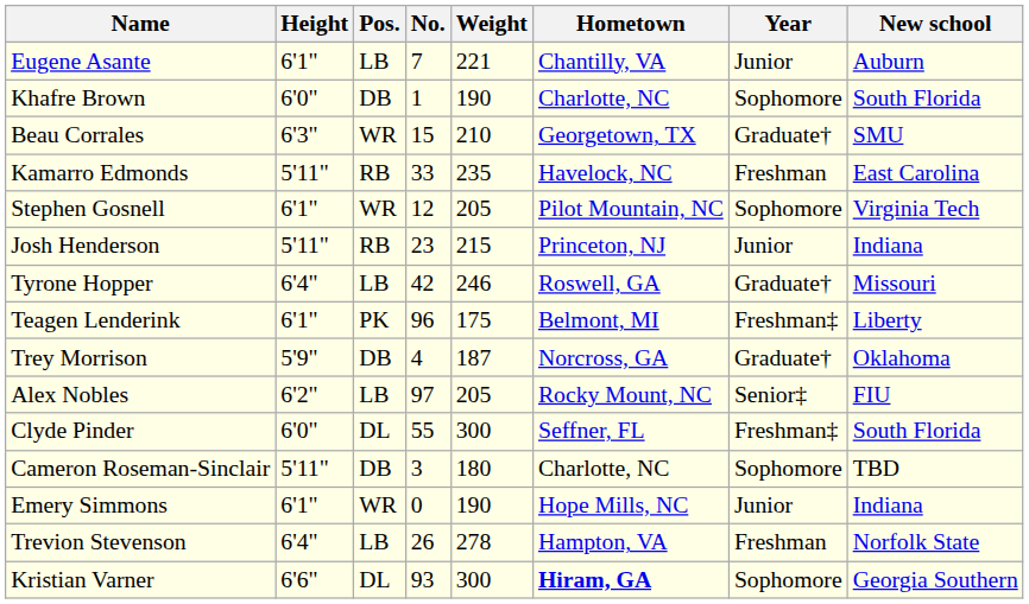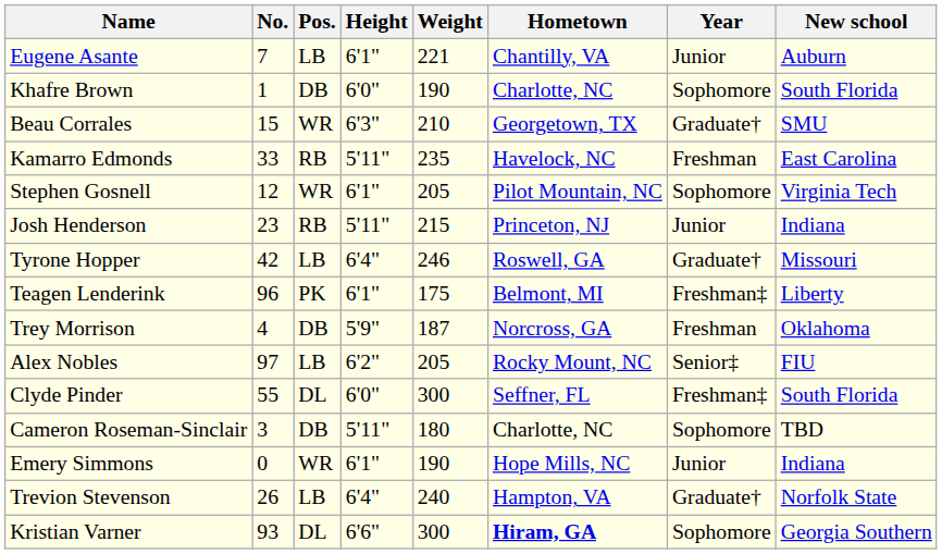 <table class="wikitable sortable">
 <tr>
 <th>Name</th>
+<th>No.</th>
+<th>Pos.</th>
 <th>Height</th>
-<th>Pos.</th>
-<th>No.</th>
 <th>Weight</th>
 <th>Hometown</th>
 <th>Year</th>
 <th class="unsortable">New school</th>
 </tr>
 <tr style="background:#FFFFE6;">
 <td><a href='#'>Eugene Asante</a></td>
+<td>7</td>
+<td>LB</td>
 <td>6'1"</td>
-<td>LB</td>
-<td>7</td>
 <td>221</td>
 <td><a href='#'>Chantilly, VA</a></td>
 <td>Junior</td>
 <td><a href='#'>Auburn</a></td>
 </tr>
 <tr style="background:#FFFFE6;">
 <td>Khafre Brown</td>
+<td>1</td>
+<td>DB</td>
 <td>6'0"</td>
-<td>DB</td>
-<td>1</td>
 <td>190</td>
 <td><a href='#'>Charlotte, NC</a></td>
 <td>Sophomore</td>
 <td><a href='#'>South Florida</a></td>
 </tr>
 <tr style="background:#FFFFE6;">
 <td>Beau Corrales</td>
+<td>15</td>
+<td>WR</td>
 <td>6'3"</td>
-<td>WR</td>
-<td>15</td>
 <td>210</td>
 <td><a href='#'>Georgetown, TX</a></td>
 <td>Graduate†</td>
 <td><a href='#'>SMU</a></td>
 </tr>
 <tr style="background:#FFFFE6;">
 <td>Kamarro Edmonds</td>
+<td>33</td>
+<td>RB</td>
 <td>5'11"</td>
-<td>RB</td>
-<td>33</td>
 <td>235</td>
 <td><a href='#'>Havelock, NC</a></td>
 <td> Freshman</td>
 <td><a href='#'>East Carolina</a></td>
 </tr>
 <tr style="background:#FFFFE6;">
 <td>Stephen Gosnell</td>
+<td>12</td>
+<td>WR</td>
 <td>6'1"</td>
-<td>WR</td>
-<td>12</td>
 <td>205</td>
 <td><a href='#'>Pilot Mountain, NC</a></td>
 <td>Sophomore</td>
 <td><a href='#'>Virginia Tech</a></td>
 </tr>
 <tr style="background:#FFFFE6;">
 <td>Josh Henderson</td>
+<td>23</td>
+<td>RB</td>
 <td>5'11"</td>
-<td>RB</td>
-<td>23</td>
 <td>215</td>
 <td><a href='#'>Princeton, NJ</a></td>
 <td>Junior</td>
 <td><a href='#'>Indiana</a></td>
 </tr>
 <tr style="background:#FFFFE6;">
 <td>Tyrone Hopper</td>
+<td>42</td>
+<td>LB</td>
 <td>6'4"</td>
-<td>LB</td>
-<td>42</td>
 <td>246</td>
 <td><a href='#'>Roswell, GA</a></td>
 <td>Graduate†</td>
 <td><a href='#'>Missouri</a></td>
 </tr>
 <tr style="background:#FFFFE6;">
 <td>Teagen Lenderink</td>
+<td>96</td>
+<td>PK</td>
 <td>6'1"</td>
-<td>PK</td>
-<td>96</td>
 <td>175</td>
 <td><a href='#'>Belmont, MI</a></td>
 <td>Freshman‡</td>
 <td><a href='#'>Liberty</a></td>
 </tr>
 <tr style="background:#FFFFE6;">
 <td>Trey Morrison</td>
+<td>4</td>
+<td>DB</td>
 <td>5'9"</td>
-<td>DB</td>
-<td>4</td>
 <td>187</td>
 <td><a href='#'>Norcross, GA</a></td>
-<td>Graduate†</td>
+<td> Freshman</td>
 <td><a href='#'>Oklahoma</a></td>
 </tr>
 <tr style="background:#FFFFE6;">
 <td>Alex Nobles</td>
+<td>97</td>
+<td>LB</td>
 <td>6'2"</td>
-<td>LB</td>
-<td>97</td>
 <td>205</td>
 <td><a href='#'>Rocky Mount, NC</a></td>
 <td>Senior‡</td>
 <td><a href='#'>FIU</a></td>
 </tr>
 <tr style="background:#FFFFE6;">
 <td>Clyde Pinder</td>
+<td>55</td>
+<td>DL</td>
 <td>6'0"</td>
-<td>DL</td>
-<td>55</td>
 <td>300</td>
 <td><a href='#'>Seffner, FL</a></td>
 <td>Freshman‡</td>
 <td><a href='#'>South Florida</a></td>
 </tr>
 <tr style="background:#FFFFE6;">
 <td>Cameron Roseman-Sinclair</td>
+<td>3</td>
+<td>DB</td>
 <td>5'11"</td>
-<td>DB</td>
-<td>3</td>
 <td>180</td>
 <td>Charlotte, NC</td>
 <td> Sophomore</td>
 <td>TBD</td>
 </tr>
 <tr style="background:#FFFFE6;">
 <td>Emery Simmons</td>
+<td>0</td>
+<td>WR</td>
 <td>6'1"</td>
-<td>WR</td>
-<td>0</td>
 <td>190</td>
 <td><a href='#'>Hope Mills, NC</a></td>
 <td>Junior</td>
 <td><a href='#'>Indiana</a></td>
 </tr>
 <tr style="background:#FFFFE6;">
 <td>Trevion Stevenson</td>
+<td>26</td>
+<td>LB</td>
 <td>6'4"</td>
-<td>LB</td>
-<td>26</td>
-<td>278</td>
+<td>240</td>
 <td><a href='#'>Hampton, VA</a></td>
-<td> Freshman</td>
+<td>Graduate†</td>
 <td><a href='#'>Norfolk State</a></td>
 </tr>
 <tr style="background:#FFFFE6;">
 <td>Kristian Varner</td>
+<td>93</td>
+<td>DL</td>
 <td>6'6"</td>
-<td>DL</td>
-<td>93</td>
 <td>300</td>
 <td><strong><a href='#'>Hiram, GA</a></strong></td>
 <td>Sophomore</td>
 <td><a href='#'>Georgia Southern</a></td>
 </tr>
 </table>
